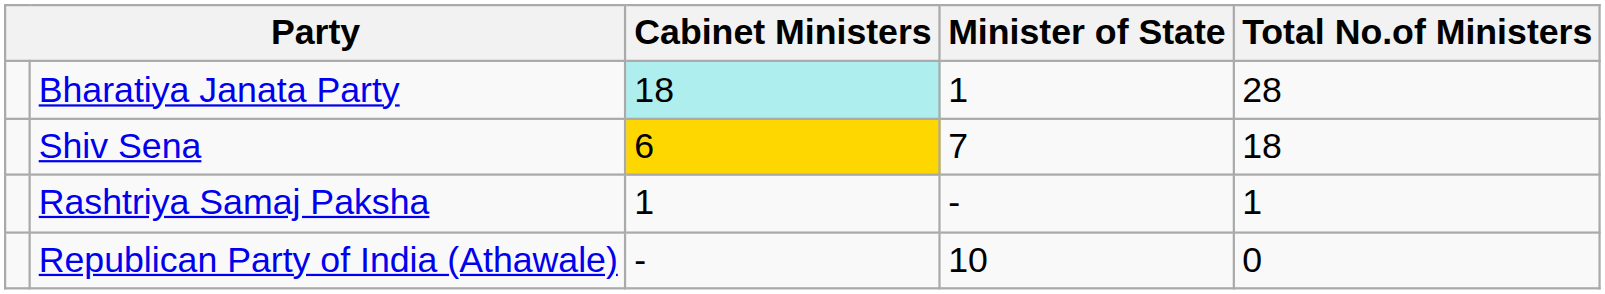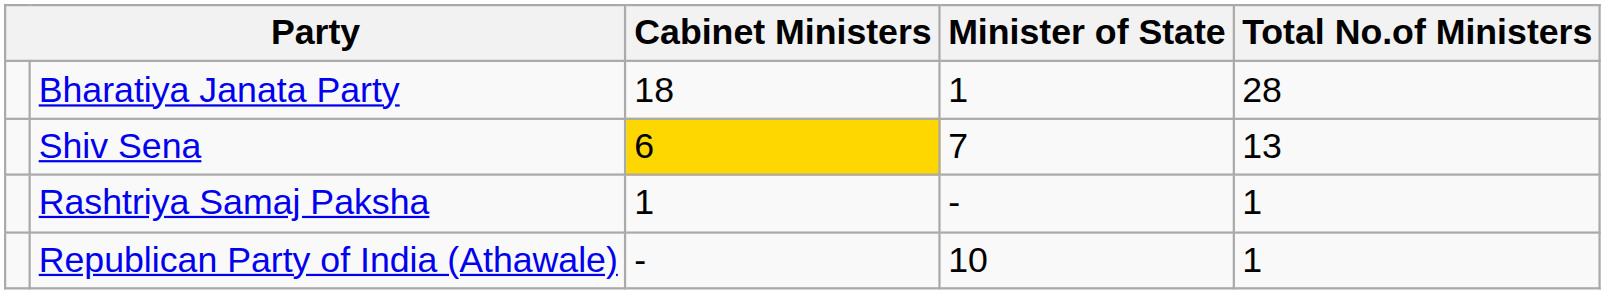 <table class="wikitable">
 <tr>
 <th colspan="2">Party</th>
 <th>Cabinet Ministers</th>
 <th>Minister of State</th>
 <th>Total No.of Ministers</th>
 </tr>
 <tr>
 <td width="4px"></td>
 <td><a href='#'>Bharatiya Janata Party</a></td>
-<td style="background: paleturquoise;">18</td>
+<td>18</td>
 <td>1</td>
 <td>28</td>
 </tr>
 <tr>
 <td width="4px"></td>
 <td><a href='#'>Shiv Sena</a></td>
 <td style="background: gold;">6</td>
 <td>7</td>
-<td>18</td>
+<td>13</td>
 </tr>
 <tr>
 <td width="4px"></td>
 <td><a href='#'>Rashtriya Samaj Paksha</a></td>
 <td>1</td>
 <td>-</td>
 <td>1</td>
 </tr>
 <tr>
 <td width="4px"></td>
 <td><a href='#'>Republican Party of India (Athawale)</a></td>
 <td>-</td>
 <td>10</td>
-<td>0</td>
+<td>1</td>
 </tr>
 </table>
